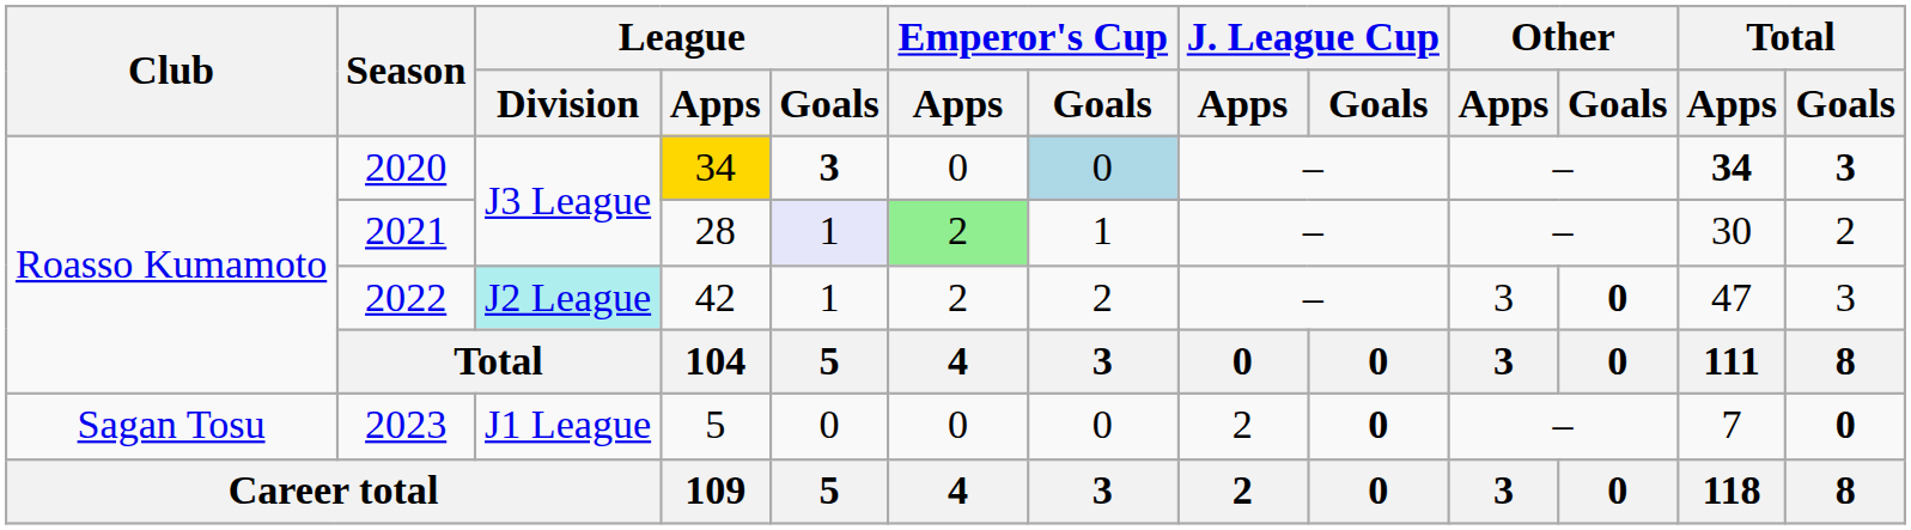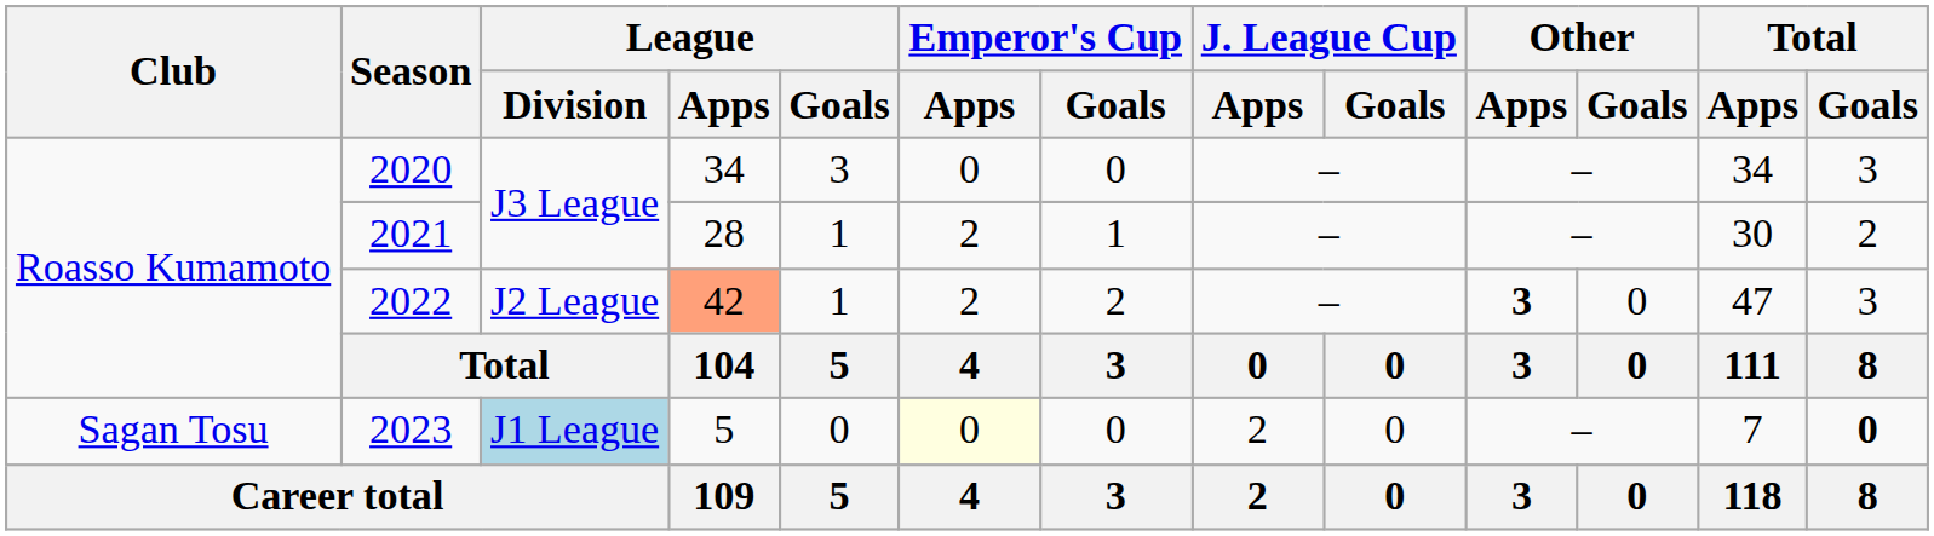 <table class="wikitable" style="text-align:center;">
 <tr>
 <th rowspan="2">Club</th>
 <th rowspan="2">Season</th>
 <th colspan="3">League</th>
 <th colspan="2"><a href='#'>Emperor's Cup</a></th>
 <th colspan="2"><a href='#'>J. League Cup</a></th>
 <th colspan="2">Other</th>
 <th colspan="2">Total</th>
 </tr>
 <tr>
 <th>Division</th>
 <th>Apps</th>
 <th>Goals</th>
 <th>Apps</th>
 <th>Goals</th>
 <th>Apps</th>
 <th>Goals</th>
 <th>Apps</th>
 <th>Goals</th>
 <th>Apps</th>
 <th>Goals</th>
 </tr>
 <tr>
 <td rowspan="4"><a href='#'>Roasso Kumamoto</a></td>
 <td><a href='#'>2020</a></td>
 <td rowspan="2"><a href='#'>J3 League</a></td>
-<td style="background: gold;">34</td>
-<td><strong>3</strong></td>
+<td>34</td>
+<td>3</td>
 <td>0</td>
-<td style="background: lightblue;">0</td>
+<td>0</td>
 <td colspan="2">–</td>
 <td colspan="2">–</td>
-<td><strong>34</strong></td>
-<td><strong>3</strong></td>
+<td>34</td>
+<td>3</td>
 </tr>
 <tr>
 <td><a href='#'>2021</a></td>
 <td>28</td>
-<td style="background: lavender;">1</td>
-<td style="background: lightgreen;">2</td>
+<td>1</td>
+<td>2</td>
 <td>1</td>
 <td colspan="2">–</td>
 <td colspan="2">–</td>
 <td>30</td>
 <td>2</td>
 </tr>
 <tr>
 <td><a href='#'>2022</a></td>
-<td style="background: paleturquoise;"><a href='#'>J2 League</a></td>
-<td>42</td>
+<td><a href='#'>J2 League</a></td>
+<td style="background: lightsalmon;">42</td>
 <td>1</td>
 <td>2</td>
 <td>2</td>
 <td colspan="2">–</td>
-<td>3</td>
-<td><strong>0</strong></td>
+<td><strong>3</strong></td>
+<td>0</td>
 <td>47</td>
 <td>3</td>
 </tr>
 <tr>
 <th colspan="2">Total</th>
 <th>104</th>
 <th>5</th>
 <th>4</th>
 <th>3</th>
 <th>0</th>
 <th>0</th>
 <th>3</th>
 <th>0</th>
 <th>111</th>
 <th>8</th>
 </tr>
 <tr>
 <td><a href='#'>Sagan Tosu</a></td>
 <td><a href='#'>2023</a></td>
-<td><a href='#'>J1 League</a></td>
+<td style="background: lightblue;"><a href='#'>J1 League</a></td>
 <td>5</td>
 <td>0</td>
-<td>0</td>
+<td style="background: lightyellow;">0</td>
 <td>0</td>
 <td>2</td>
-<td><strong>0</strong></td>
+<td>0</td>
 <td colspan="2">–</td>
 <td>7</td>
 <td><strong>0</strong></td>
 </tr>
 <tr>
 <th colspan="3">Career total</th>
 <th>109</th>
 <th>5</th>
 <th>4</th>
 <th>3</th>
 <th>2</th>
 <th>0</th>
 <th>3</th>
 <th>0</th>
 <th>118</th>
 <th>8</th>
 </tr>
 </table>
